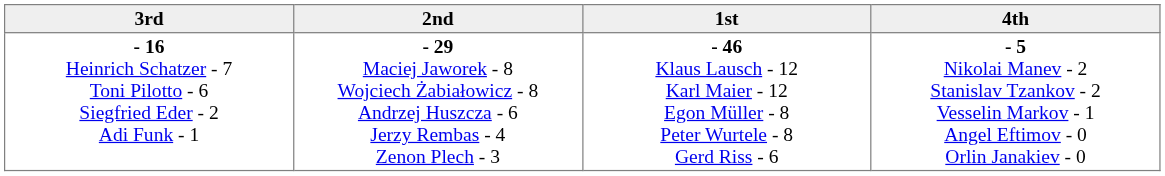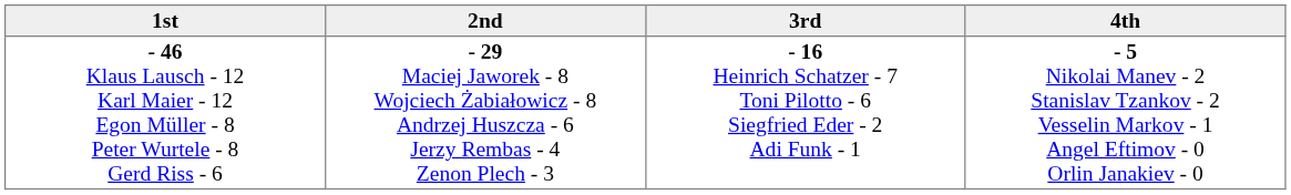 <table border=1 cellpadding=2 cellspacing=0 width=75% style="border-collapse:collapse">
 <tr align=center style="background:#efefef;">
+<th width=20% >1st</th>
+<th width=20% >2nd</th>
 <th width=20% >3rd</th>
-<th width=20% >2nd</th>
-<th width=20% >1st</th>
 <th width=20%>4th</th>
 </tr>
 <tr align=center>
+<td valign=top ><strong> - 46</strong><br><a href='#'>Klaus Lausch</a> - 12 <br><a href='#'>Karl Maier</a> - 12 <br><a href='#'>Egon Müller</a> - 8 <br><a href='#'>Peter Wurtele</a> - 8 <br><a href='#'>Gerd Riss</a> - 6</td>
+<td valign=top ><strong> - 29</strong><br><a href='#'>Maciej Jaworek</a> - 8 <br><a href='#'>Wojciech Żabiałowicz</a> - 8 <br><a href='#'>Andrzej Huszcza</a> - 6 <br><a href='#'>Jerzy Rembas</a> - 4 <br><a href='#'>Zenon Plech</a> - 3</td>
 <td valign=top ><strong> - 16</strong><br><a href='#'>Heinrich Schatzer</a> - 7 <br><a href='#'>Toni Pilotto</a> - 6 <br><a href='#'>Siegfried Eder</a> - 2 <br><a href='#'>Adi Funk</a> - 1</td>
-<td valign=top ><strong> - 29</strong><br><a href='#'>Maciej Jaworek</a> - 8 <br><a href='#'>Wojciech Żabiałowicz</a> - 8 <br><a href='#'>Andrzej Huszcza</a> - 6 <br><a href='#'>Jerzy Rembas</a> - 4 <br><a href='#'>Zenon Plech</a> - 3</td>
-<td valign=top ><strong> - 46</strong><br><a href='#'>Klaus Lausch</a> - 12 <br><a href='#'>Karl Maier</a> - 12 <br><a href='#'>Egon Müller</a> - 8 <br><a href='#'>Peter Wurtele</a> - 8 <br><a href='#'>Gerd Riss</a> - 6</td>
 <td valign=top><strong> - 5</strong><br><a href='#'>Nikolai Manev</a> - 2 <br><a href='#'>Stanislav Tzankov</a> - 2 <br><a href='#'>Vesselin Markov</a> - 1 <br><a href='#'>Angel Eftimov</a> - 0 <br><a href='#'>Orlin Janakiev</a> - 0</td>
 </tr>
 </table>
